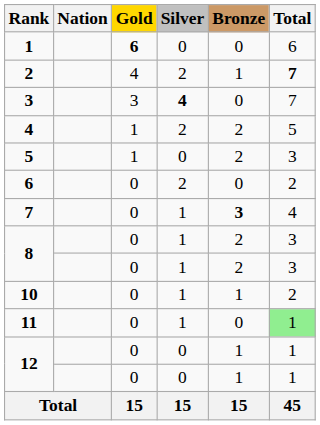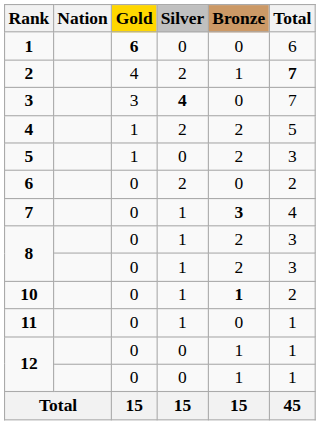 <table class="wikitable plainrowheaders" style="text-align:center;">
 <tr>
 <th>Rank</th>
 <th>Nation</th>
 <th style="background:    gold;">Gold</th>
 <th style="background:  silver;">Silver</th>
 <th style="background: #CC9966;">Bronze</th>
 <th>Total</th>
 </tr>
 <tr>
 <td><strong>1</strong></td>
 <td align=left><em></em></td>
 <td><strong>6</strong></td>
 <td>0</td>
 <td>0</td>
 <td>6</td>
 </tr>
 <tr>
 <td><strong>2</strong></td>
 <td align=left></td>
 <td>4</td>
 <td>2</td>
 <td>1</td>
 <td><strong>7</strong></td>
 </tr>
 <tr>
 <td><strong>3</strong></td>
 <td align=left></td>
 <td>3</td>
 <td><strong>4</strong></td>
 <td>0</td>
 <td>7</td>
 </tr>
 <tr>
 <td><strong>4</strong></td>
 <td align=left></td>
 <td>1</td>
 <td>2</td>
 <td>2</td>
 <td>5</td>
 </tr>
 <tr>
 <td><strong>5</strong></td>
 <td align=left></td>
 <td>1</td>
 <td>0</td>
 <td>2</td>
 <td>3</td>
 </tr>
 <tr>
 <td><strong>6</strong></td>
 <td align=left></td>
 <td>0</td>
 <td>2</td>
 <td>0</td>
 <td>2</td>
 </tr>
 <tr>
 <td><strong>7</strong></td>
 <td align=left></td>
 <td>0</td>
 <td>1</td>
 <td><strong>3</strong></td>
 <td>4</td>
 </tr>
 <tr>
 <td rowspan=2><strong>8</strong></td>
 <td align=left><em></em></td>
 <td>0</td>
 <td>1</td>
 <td>2</td>
 <td>3</td>
 </tr>
 <tr>
 <td align=left><em></em></td>
 <td>0</td>
 <td>1</td>
 <td>2</td>
 <td>3</td>
 </tr>
 <tr>
 <td><strong>10</strong></td>
 <td align=left></td>
 <td>0</td>
 <td>1</td>
-<td>1</td>
+<td><strong>1</strong></td>
 <td>2</td>
 </tr>
 <tr>
 <td><strong>11</strong></td>
 <td align=left><em></em></td>
 <td>0</td>
 <td>1</td>
 <td>0</td>
-<td style="background: lightgreen;">1</td>
+<td>1</td>
 </tr>
 <tr>
 <td rowspan=2><strong>12</strong></td>
 <td align=left></td>
 <td>0</td>
 <td>0</td>
 <td>1</td>
 <td>1</td>
 </tr>
 <tr>
 <td align=left><em></em></td>
 <td>0</td>
 <td>0</td>
 <td>1</td>
 <td>1</td>
 </tr>
 <tr>
 <th colspan=2>Total</th>
 <th>15</th>
 <th>15</th>
 <th>15</th>
 <th>45</th>
 </tr>
 </table>
